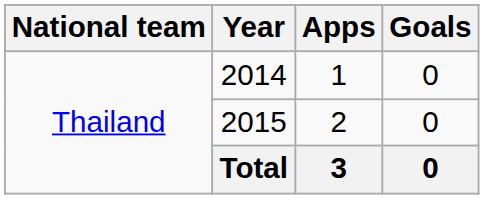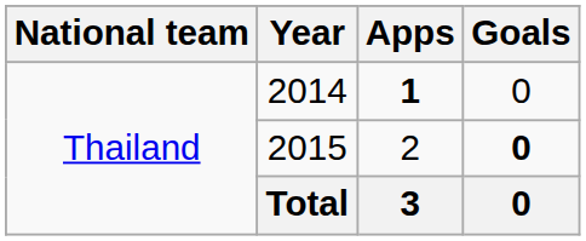 <table class="wikitable" style="text-align:center">
 <tr>
 <th>National team</th>
 <th>Year</th>
 <th>Apps</th>
 <th>Goals</th>
 </tr>
 <tr>
 <td rowspan="5" valign="center"><a href='#'>Thailand</a></td>
 <td>2014</td>
-<td>1</td>
+<td><strong>1</strong></td>
 <td>0</td>
 </tr>
 <tr>
 <td>2015</td>
 <td>2</td>
-<td>0</td>
+<td><strong>0</strong></td>
 </tr>
 <tr>
 <th>Total</th>
 <th>3</th>
 <th>0</th>
 </tr>
 </table>
